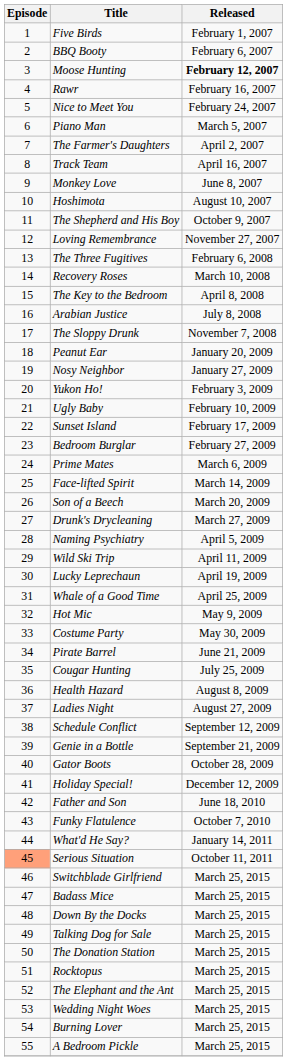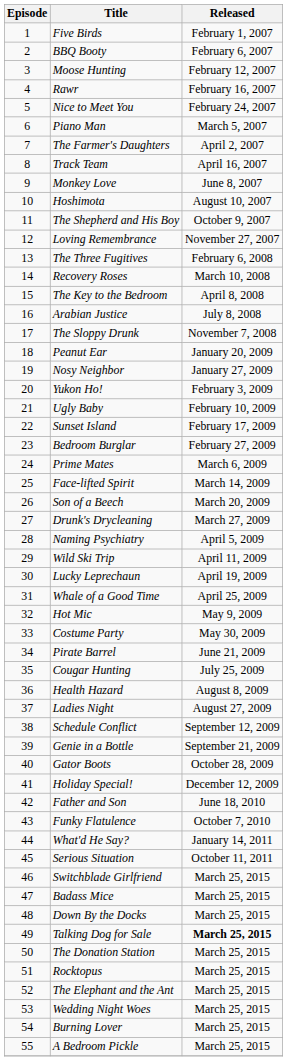 <table class="wikitable">
 <tr>
 <th>Episode</th>
 <th>Title</th>
 <th>Released</th>
 </tr>
 <tr>
 <td align="center">1</td>
 <td><em>Five Birds</em></td>
 <td align="center">February 1, 2007</td>
 </tr>
 <tr>
 <td align="center">2</td>
 <td><em>BBQ Booty</em></td>
 <td align="center">February 6, 2007</td>
 </tr>
 <tr>
 <td align="center">3</td>
 <td><em>Moose Hunting</em></td>
-<td align="center"><strong>February 12, 2007</strong></td>
+<td align="center">February 12, 2007</td>
 </tr>
 <tr>
 <td align="center">4</td>
 <td><em>Rawr</em></td>
 <td align="center">February 16, 2007</td>
 </tr>
 <tr>
 <td align="center">5</td>
 <td><em>Nice to Meet You</em></td>
 <td align="center">February 24, 2007</td>
 </tr>
 <tr>
 <td align="center">6</td>
 <td><em>Piano Man</em></td>
 <td align="center">March 5, 2007</td>
 </tr>
 <tr>
 <td align="center">7</td>
 <td><em>The Farmer's Daughters</em></td>
 <td align="center">April 2, 2007</td>
 </tr>
 <tr>
 <td align="center">8</td>
 <td><em>Track Team</em></td>
 <td align="center">April 16, 2007</td>
 </tr>
 <tr>
 <td align="center">9</td>
 <td><em>Monkey Love</em></td>
 <td align="center">June 8, 2007</td>
 </tr>
 <tr>
 <td align="center">10</td>
 <td><em>Hoshimota</em></td>
 <td align="center">August 10, 2007</td>
 </tr>
 <tr>
 <td align="center">11</td>
 <td><em>The Shepherd and His Boy</em></td>
 <td align="center">October 9, 2007</td>
 </tr>
 <tr>
 <td align="center">12</td>
 <td><em>Loving Remembrance</em></td>
 <td align="center">November 27, 2007</td>
 </tr>
 <tr>
 <td align="center">13</td>
 <td><em>The Three Fugitives</em></td>
 <td align="center">February 6, 2008</td>
 </tr>
 <tr>
 <td align="center">14</td>
 <td><em>Recovery Roses</em></td>
 <td align="center">March 10, 2008</td>
 </tr>
 <tr>
 <td align="center">15</td>
 <td><em>The Key to the Bedroom</em></td>
 <td align="center">April 8, 2008</td>
 </tr>
 <tr>
 <td align="center">16</td>
 <td><em>Arabian Justice</em></td>
 <td align="center">July 8, 2008</td>
 </tr>
 <tr>
 <td align="center">17</td>
 <td><em>The Sloppy Drunk</em></td>
 <td align="center">November 7, 2008</td>
 </tr>
 <tr>
 <td align="center">18</td>
 <td><em>Peanut Ear</em></td>
 <td align="center">January 20, 2009</td>
 </tr>
 <tr>
 <td align="center">19</td>
 <td><em>Nosy Neighbor</em></td>
 <td align="center">January 27, 2009</td>
 </tr>
 <tr>
 <td align="center">20</td>
 <td><em>Yukon Ho!</em></td>
 <td align="center">February 3, 2009</td>
 </tr>
 <tr>
 <td align="center">21</td>
 <td><em>Ugly Baby</em></td>
 <td align="center">February 10, 2009</td>
 </tr>
 <tr>
 <td align="center">22</td>
 <td><em>Sunset Island</em></td>
 <td align="center">February 17, 2009</td>
 </tr>
 <tr>
 <td align="center">23</td>
 <td><em>Bedroom Burglar</em></td>
 <td align="center">February 27, 2009</td>
 </tr>
 <tr>
 <td align="center">24</td>
 <td><em>Prime Mates</em></td>
 <td align="center">March 6, 2009</td>
 </tr>
 <tr>
 <td align="center">25</td>
 <td><em>Face-lifted Spirit</em></td>
 <td align="center">March 14, 2009</td>
 </tr>
 <tr>
 <td align="center">26</td>
 <td><em>Son of a Beech</em></td>
 <td align="center">March 20, 2009</td>
 </tr>
 <tr>
 <td align="center">27</td>
 <td><em>Drunk's Drycleaning</em></td>
 <td align="center">March 27, 2009</td>
 </tr>
 <tr>
 <td align="center">28</td>
 <td><em>Naming Psychiatry</em></td>
 <td align="center">April 5, 2009</td>
 </tr>
 <tr>
 <td align="center">29</td>
 <td><em>Wild Ski Trip</em></td>
 <td align="center">April 11, 2009</td>
 </tr>
 <tr>
 <td align="center">30</td>
 <td><em>Lucky Leprechaun</em></td>
 <td align="center">April 19, 2009</td>
 </tr>
 <tr>
 <td align="center">31</td>
 <td><em>Whale of a Good Time</em></td>
 <td align="center">April 25, 2009</td>
 </tr>
 <tr>
 <td align="center">32</td>
 <td><em>Hot Mic</em></td>
 <td align="center">May 9, 2009</td>
 </tr>
 <tr>
 <td align="center">33</td>
 <td><em>Costume Party</em></td>
 <td align="center">May 30, 2009</td>
 </tr>
 <tr>
 <td align="center">34</td>
 <td><em>Pirate Barrel</em></td>
 <td align="center">June 21, 2009</td>
 </tr>
 <tr>
 <td align="center">35</td>
 <td><em>Cougar Hunting</em></td>
 <td align="center">July 25, 2009</td>
 </tr>
 <tr>
 <td align="center">36</td>
 <td><em>Health Hazard</em></td>
 <td align="center">August 8, 2009</td>
 </tr>
 <tr>
 <td align="center">37</td>
 <td><em>Ladies Night</em></td>
 <td align="center">August 27, 2009</td>
 </tr>
 <tr>
 <td align="center">38</td>
 <td><em>Schedule Conflict</em></td>
 <td align="center">September 12, 2009</td>
 </tr>
 <tr>
 <td align="center">39</td>
 <td><em>Genie in a Bottle</em></td>
 <td align="center">September 21, 2009</td>
 </tr>
 <tr>
 <td align="center">40</td>
 <td><em>Gator Boots</em></td>
 <td align="center">October 28, 2009</td>
 </tr>
 <tr>
 <td align="center">41</td>
 <td><em>Holiday Special!</em></td>
 <td align="center">December 12, 2009</td>
 </tr>
 <tr>
 <td align="center">42</td>
 <td><em>Father and Son</em></td>
 <td align="center">June 18, 2010</td>
 </tr>
 <tr>
 <td align="center">43</td>
 <td><em>Funky Flatulence</em></td>
 <td align="center">October 7, 2010</td>
 </tr>
 <tr>
 <td align="center">44</td>
 <td><em>What'd He Say?</em></td>
 <td align="center">January 14, 2011</td>
 </tr>
 <tr>
-<td align="center" style="background: lightsalmon;">45</td>
+<td align="center">45</td>
 <td><em>Serious Situation</em></td>
 <td align="center">October 11, 2011</td>
 </tr>
 <tr>
 <td align="center">46</td>
 <td><em>Switchblade Girlfriend</em></td>
 <td align="center">March 25, 2015</td>
 </tr>
 <tr>
 <td align="center">47</td>
 <td><em>Badass Mice</em></td>
 <td align="center">March 25, 2015</td>
 </tr>
 <tr>
 <td align="center">48</td>
 <td><em>Down By the Docks</em></td>
 <td align="center">March 25, 2015</td>
 </tr>
 <tr>
 <td align="center">49</td>
 <td><em>Talking Dog for Sale</em></td>
-<td align="center">March 25, 2015</td>
+<td align="center"><strong>March 25, 2015</strong></td>
 </tr>
 <tr>
 <td align="center">50</td>
 <td><em>The Donation Station</em></td>
 <td align="center">March 25, 2015</td>
 </tr>
 <tr>
 <td align="center">51</td>
 <td><em>Rocktopus</em></td>
 <td align="center">March 25, 2015</td>
 </tr>
 <tr>
 <td align="center">52</td>
 <td><em>The Elephant and the Ant</em></td>
 <td align="center">March 25, 2015</td>
 </tr>
 <tr>
 <td align="center">53</td>
 <td><em>Wedding Night Woes</em></td>
 <td align="center">March 25, 2015</td>
 </tr>
 <tr>
 <td align="center">54</td>
 <td><em>Burning Lover</em></td>
 <td align="center">March 25, 2015</td>
 </tr>
 <tr>
 <td align="center">55</td>
 <td><em>A Bedroom Pickle</em></td>
 <td align="center">March 25, 2015</td>
 </tr>
 <tr>
 </tr>
 </table>
